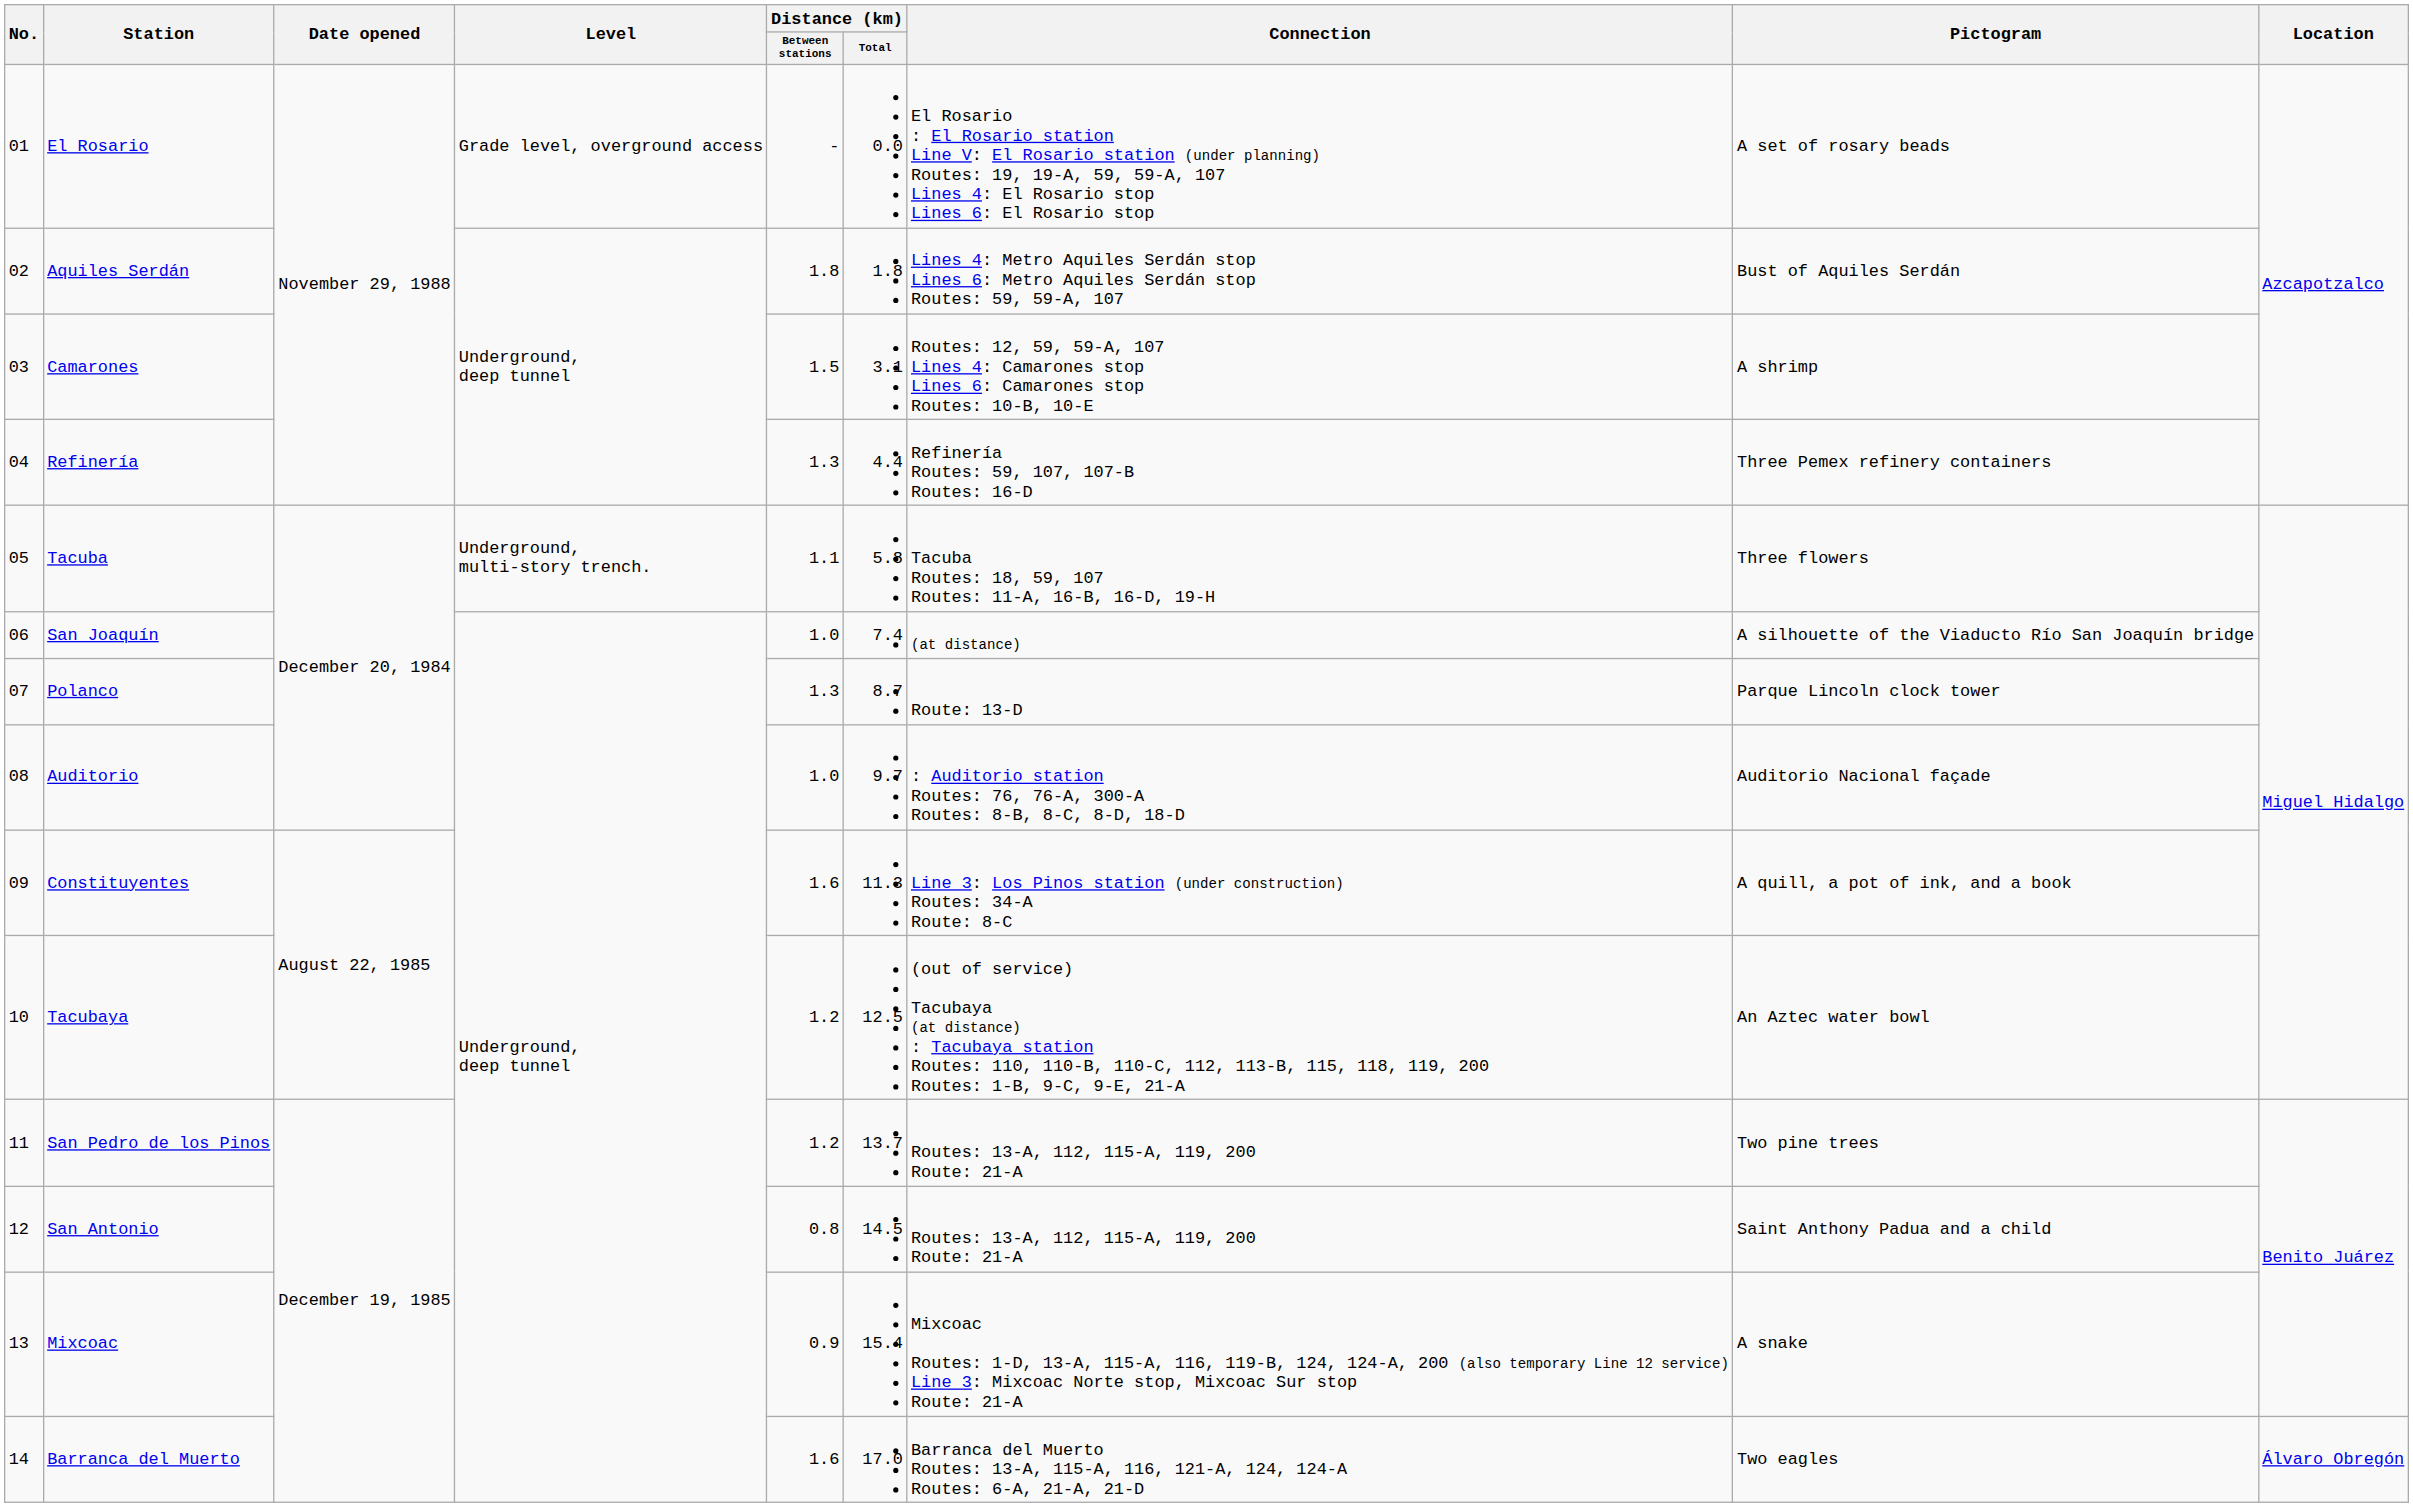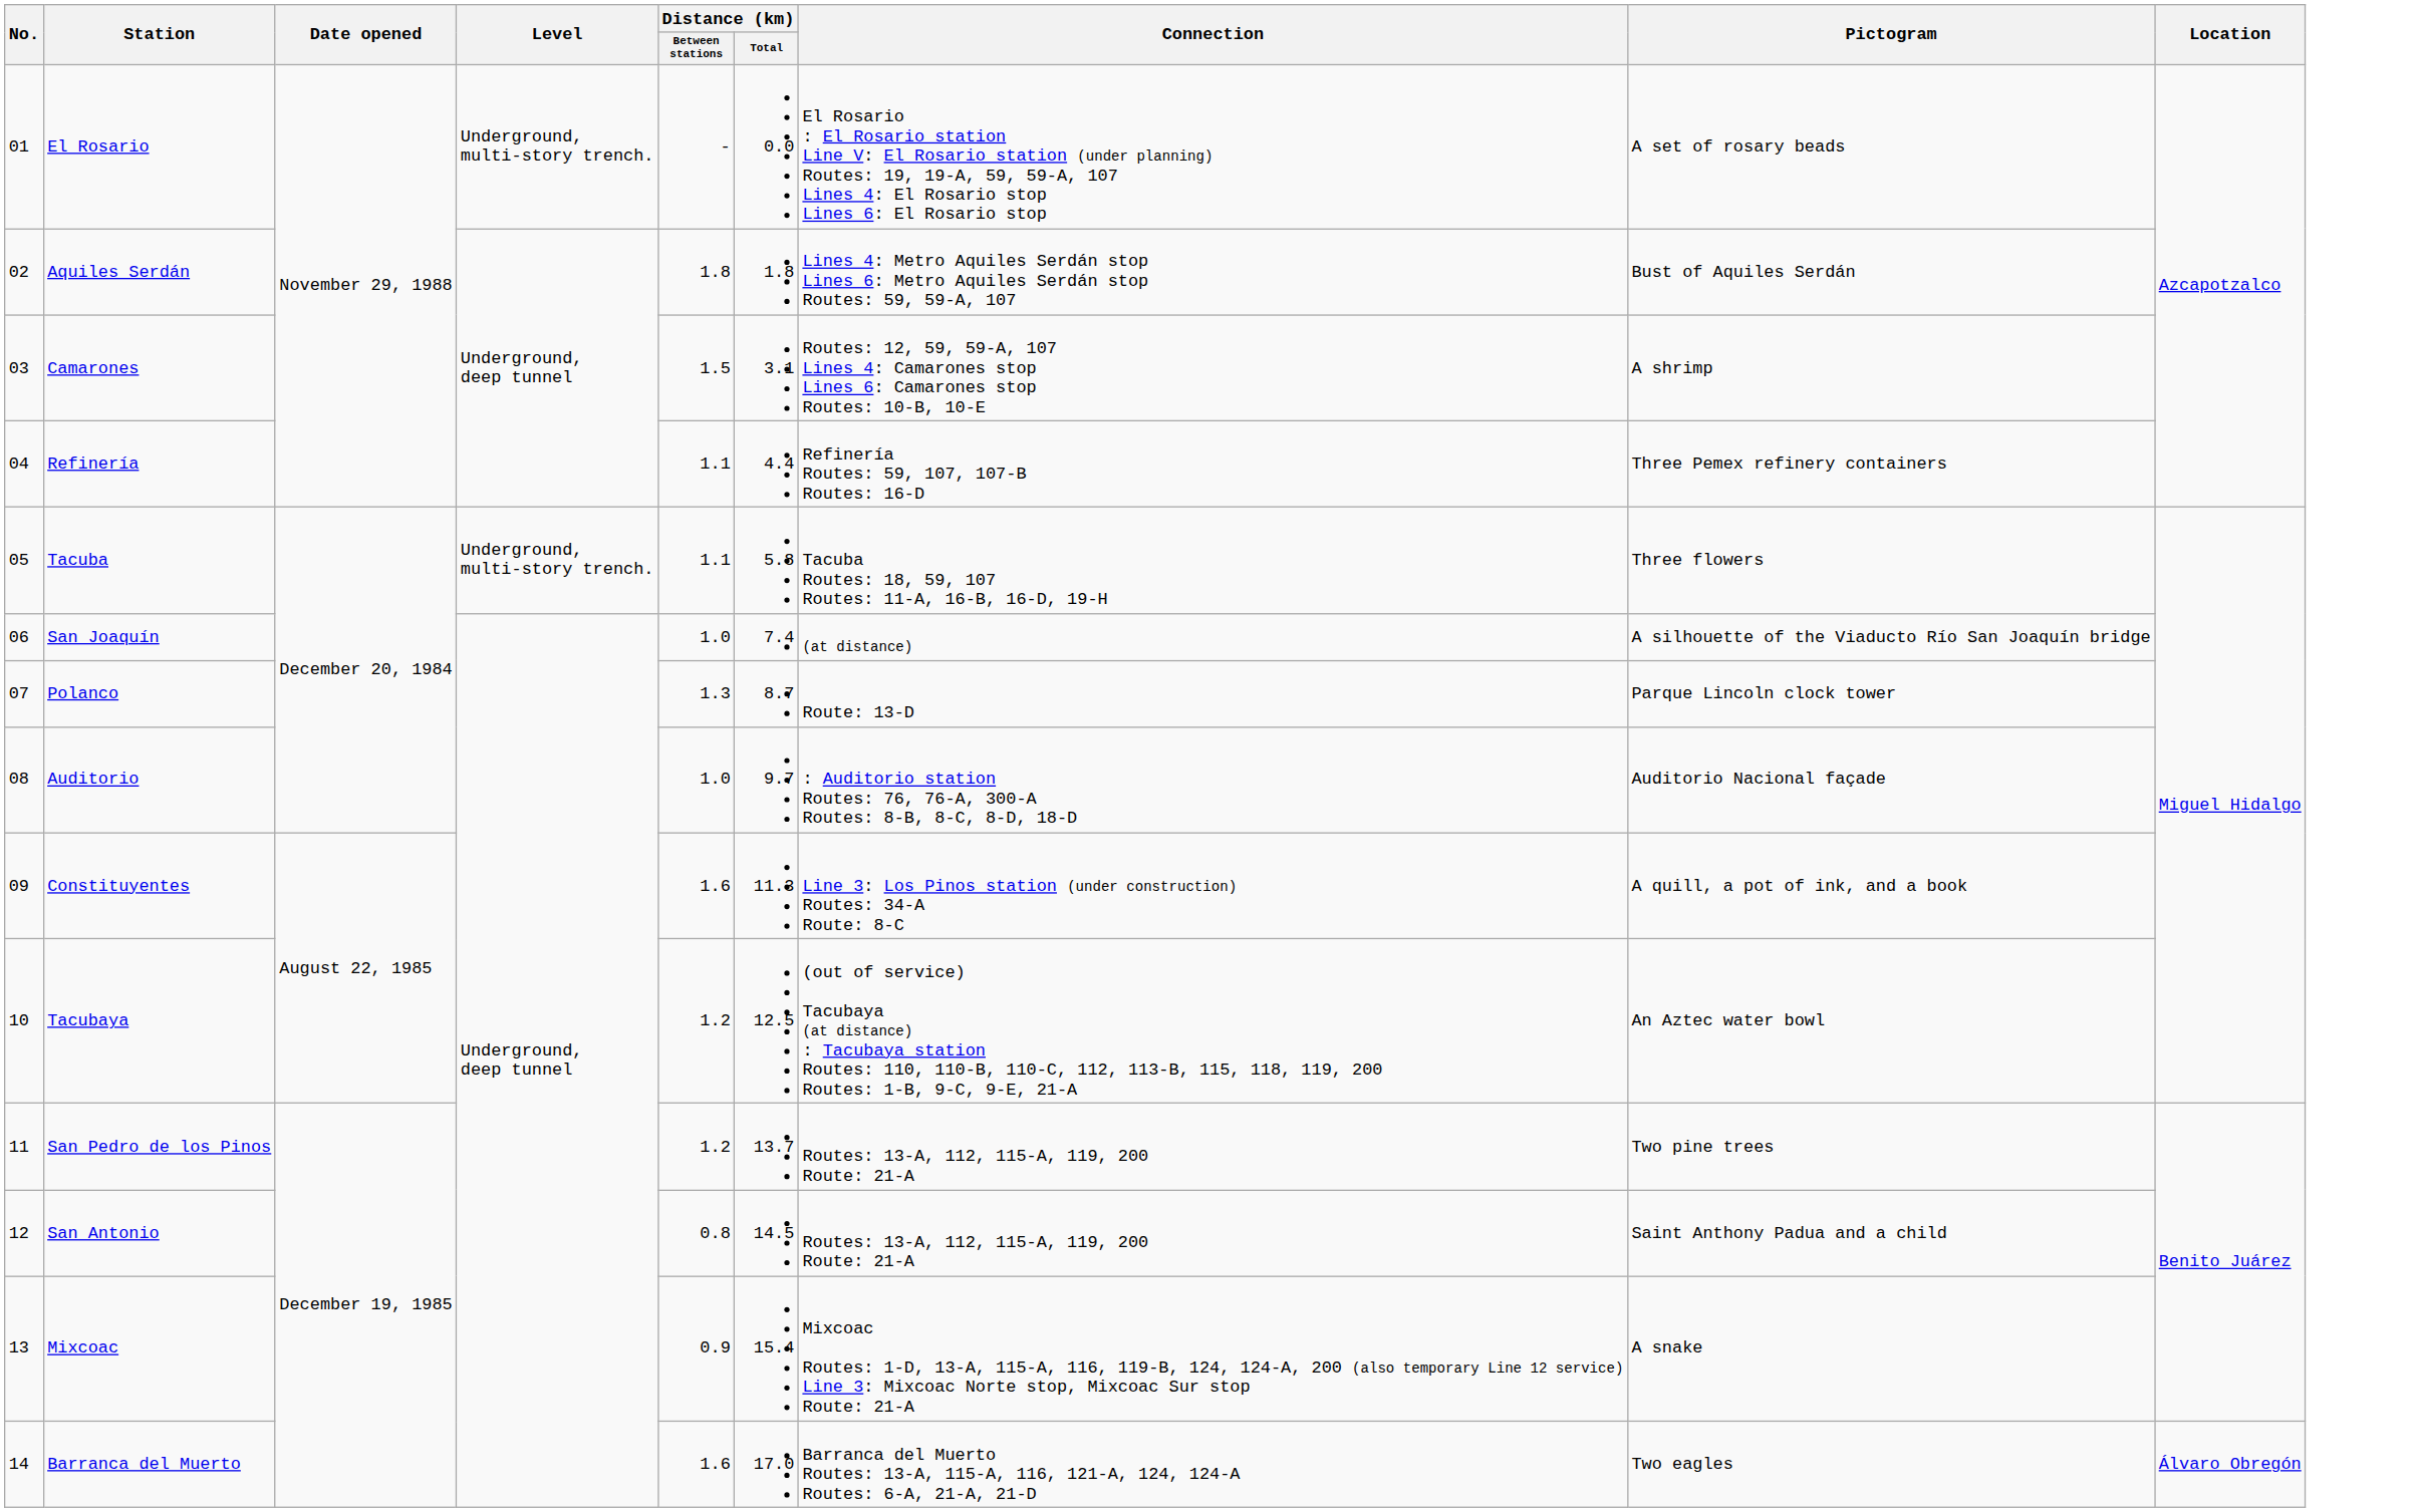 <table class="wikitable" rules="all">
 <tr>
 <th rowspan="2">No.</th>
 <th rowspan="2">Station</th>
 <th rowspan="2">Date opened</th>
 <th rowspan="2">Level</th>
 <th colspan="2">Distance (km)</th>
 <th rowspan="2">Connection</th>
 <th rowspan="2">Pictogram</th>
 <th rowspan="2">Location</th>
 </tr>
 <tr>
 <th style="font-size: 65%;">Between<br>stations</th>
 <th style="font-size: 65%;">Total</th>
 </tr>
 <tr>
 <td style="background: #">01</td>
 <td><a href='#'>El Rosario</a> </td>
 <td rowspan="4">November 29, 1988</td>
-<td>Grade level, overground access</td>
+<td>Underground,<br>multi-story trench.</td>
 <td style="text-align:right;">-</td>
 <td style="text-align:right;">0.0</td>
 <td><br><li> </li> <li> El Rosario</li> <li> : <a href='#'>El Rosario station</a></li> <li> <a href='#'>Line V</a>: <a href='#'>El Rosario station</a> <small>(under planning)</small></li> <li> Routes: 19, 19-A, 59, 59-A, 107</li> <li>  <a href='#'>Lines 4</a>: El Rosario stop<li>  <a href='#'>Lines 6</a>: El Rosario stop</td>
 <td>A set of rosary beads</td>
 <td rowspan="4"><a href='#'>Azcapotzalco</a></td>
 </tr>
 <tr>
 <td style="background: #">02</td>
 <td><a href='#'>Aquiles Serdán</a> </td>
 <td rowspan="3">Underground,<br>deep tunnel</td>
 <td style="text-align:right;">1.8</td>
 <td style="text-align:right;">1.8</td>
 <td><br><li>  <a href='#'>Lines 4</a>: Metro Aquiles Serdán stop<li>  <a href='#'>Lines 6</a>: Metro Aquiles Serdán stop <li> Routes: 59, 59-A, 107</td>
 <td>Bust of Aquiles Serdán</td>
 </tr>
 <tr>
 <td style="background: #">03</td>
 <td><a href='#'>Camarones</a> </td>
 <td style="text-align:right;">1.5</td>
 <td style="text-align:right;">3.1</td>
 <td><br><li> Routes: 12, 59, 59-A, 107</li> <li>  <a href='#'>Lines 4</a>: Camarones stop<li>  <a href='#'>Lines 6</a>: Camarones stop <li> Routes: 10-B, 10-E</td>
 <td>A shrimp</td>
 </tr>
 <tr>
 <td style="background: #">04</td>
 <td><a href='#'>Refinería</a> </td>
-<td style="text-align:right;">1.3</td>
+<td style="text-align:right;">1.1</td>
 <td style="text-align:right;">4.4</td>
 <td><br><li> Refinería</li> <li> Routes: 59, 107, 107-B</li> <li> Routes: 16-D</td>
 <td>Three Pemex refinery containers</td>
 </tr>
 <tr>
 <td style="background: #">05</td>
 <td><a href='#'>Tacuba</a> </td>
 <td rowspan="4">December 20, 1984</td>
 <td>Underground,<br>multi-story trench.</td>
 <td style="text-align:right;">1.1</td>
 <td style="text-align:right;">5.8</td>
 <td><br><li> </li> <li> Tacuba</li> <li> Routes: 18, 59, 107</li> <li> Routes: 11-A, 16-B, 16-D, 19-H</td>
 <td>Three flowers</td>
 <td rowspan="6"><a href='#'>Miguel Hidalgo</a></td>
 </tr>
 <tr>
 <td style="background: #">06</td>
 <td><a href='#'>San Joaquín</a> </td>
 <td rowspan="9">Underground,<br>deep tunnel</td>
 <td style="text-align:right;">1.0</td>
 <td style="text-align:right;">7.4</td>
 <td><br><li> <small>(at distance)</small></td>
 <td>A silhouette of the Viaducto Río San Joaquín bridge</td>
 </tr>
 <tr>
 <td style="background: #">07</td>
 <td><a href='#'>Polanco</a> </td>
 <td style="text-align:right;">1.3</td>
 <td style="text-align:right;">8.7</td>
 <td><br><li></li> <li> Route: 13-D</td>
 <td>Parque Lincoln clock tower</td>
 </tr>
 <tr>
 <td style="background: #">08</td>
 <td><a href='#'>Auditorio</a> </td>
 <td style="text-align:right;">1.0</td>
 <td style="text-align:right;">9.7</td>
 <td><br><li></li> <li> : <a href='#'>Auditorio station</a></li> <li> Routes: 76, 76-A, 300-A</li> <li> Routes: 8-B, 8-C, 8-D, 18-D</td>
 <td>Auditorio Nacional façade</td>
 </tr>
 <tr>
 <td style="background: #">09</td>
 <td><a href='#'>Constituyentes</a> </td>
 <td rowspan="2">August 22, 1985</td>
 <td style="text-align:right;">1.6</td>
 <td style="text-align:right;">11.3</td>
 <td><br><li></li> <li>  <a href='#'>Line 3</a>: <a href='#'>Los Pinos station</a> <small>(under construction)</small> </li> <li> Routes: 34-A</li> <li> Route: 8-C</td>
 <td>A quill, a pot of ink, and a book</td>
 </tr>
 <tr>
 <td style="background: #">10</td>
 <td><a href='#'>Tacubaya</a> </td>
 <td style="text-align:right;">1.2</td>
 <td style="text-align:right;">12.5</td>
 <td><br><li>  (out of service)</li> <li> </li> <li> Tacubaya</li> <li> <small>(at distance)</small></li> <li> : <a href='#'>Tacubaya station</a></li> <li> Routes: 110, 110-B, 110-C, 112, 113-B, 115, 118, 119, 200</li> <li> Routes: 1-B, 9-C, 9-E, 21-A</td>
 <td>An Aztec water bowl</td>
 </tr>
 <tr>
 <td style="background: #">11</td>
 <td><a href='#'>San Pedro de los Pinos</a> </td>
 <td rowspan="4">December 19, 1985</td>
 <td style="text-align:right;">1.2</td>
 <td style="text-align:right;">13.7</td>
 <td><br><li></li> <li> Routes: 13-A, 112, 115-A, 119, 200</li> <li> Route: 21-A</td>
 <td>Two pine trees</td>
 <td rowspan="3"><a href='#'>Benito Juárez</a></td>
 </tr>
 <tr>
 <td style="background: #">12</td>
 <td><a href='#'>San Antonio</a> </td>
 <td style="text-align:right;">0.8</td>
 <td style="text-align:right;">14.5</td>
 <td><br><li></li> <li> Routes: 13-A, 112, 115-A, 119, 200</li> <li> Route: 21-A</td>
 <td>Saint Anthony Padua and a child</td>
 </tr>
 <tr>
 <td style="background: #">13</td>
 <td><a href='#'>Mixcoac</a> </td>
 <td style="text-align:right;">0.9</td>
 <td style="text-align:right;">15.4</td>
 <td><br><li> </li> <li> Mixcoac</li> <li></li> <li> Routes: 1-D, 13-A, 115-A, 116, 119-B, 124, 124-A, 200 <small>(also temporary Line 12 service)</small></li> <li>  <a href='#'>Line 3</a>: Mixcoac Norte stop, Mixcoac Sur stop</li> <li> Route: 21-A</td>
 <td>A snake</td>
 </tr>
 <tr>
 <td style="background: #">14</td>
 <td><a href='#'>Barranca del Muerto</a> </td>
 <td style="text-align:right;">1.6</td>
 <td style="text-align:right;">17.0</td>
 <td><br><li> Barranca del Muerto</li> <li> Routes: 13-A, 115-A, 116, 121-A, 124, 124-A</li> <li> Routes: 6-A, 21-A, 21-D</td>
 <td>Two eagles</td>
 <td><a href='#'>Álvaro Obregón</a></td>
 </tr>
 </table>
